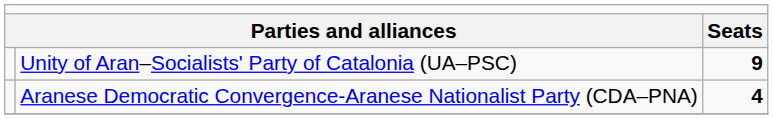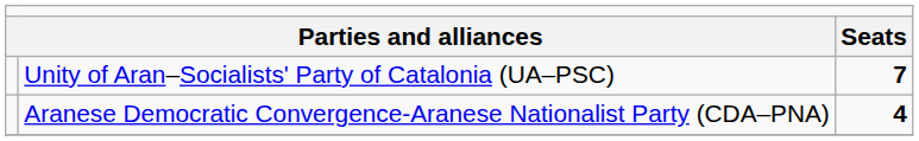 <table class="wikitable" style="text-align:right;">
 <tr>
 <td colspan="7"></td>
 </tr>
 <tr>
 <th colspan="2">Parties and alliances</th>
 <th colspan="2">Seats</th>
 </tr>
 <tr>
 <td width="1" style="color:inherit;background:"></td>
 <td align="left"><a href='#'>Unity of Aran</a>–<a href='#'>Socialists' Party of Catalonia</a> (UA–PSC)</td>
-<td><strong>9</strong></td>
+<td><strong>7</strong></td>
 </tr>
 <tr>
 <td style="color:inherit;background:"></td>
 <td align="left"><a href='#'>Aranese Democratic Convergence-Aranese Nationalist Party</a> (CDA–PNA)</td>
 <td><strong>4</strong></td>
 </tr>
 <tr>
 </tr>
 </table>
